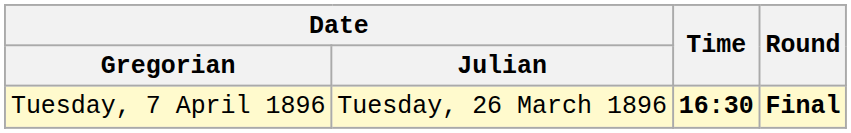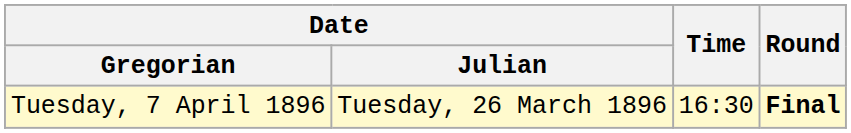 <table class="wikitable">
 <tr>
 <th colspan=2>Date</th>
 <th rowspan=2>Time</th>
 <th rowspan=2>Round</th>
 </tr>
 <tr>
 <th>Gregorian</th>
 <th>Julian</th>
 </tr>
 <tr style=background:lemonchiffon>
 <td>Tuesday, 7 April 1896</td>
 <td>Tuesday, 26 March 1896</td>
-<td><strong>16:30</strong></td>
+<td>16:30</td>
 <td><strong>Final</strong></td>
 </tr>
 </table>
